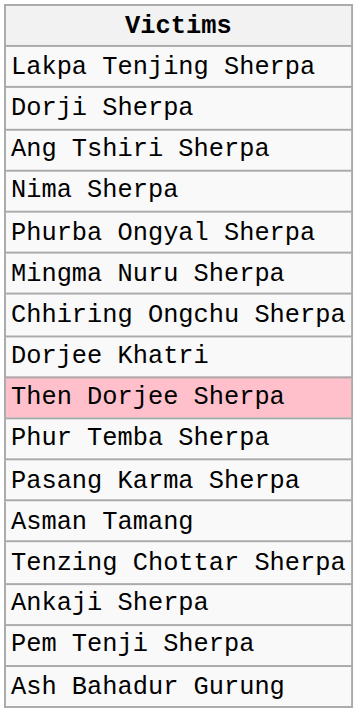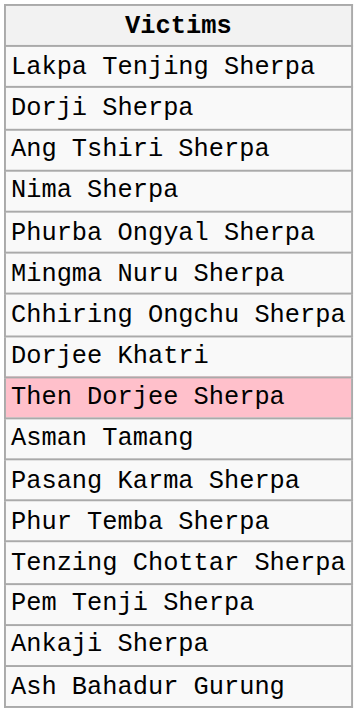 <table class="wikitable sortable floatright" style="font-size: 100%; ">
 <tr>
 <th>Victims</th>
 </tr>
 <tr>
 <td>Lakpa Tenjing Sherpa</td>
 </tr>
 <tr>
 <td>Dorji Sherpa</td>
 </tr>
 <tr>
 <td>Ang Tshiri Sherpa</td>
 </tr>
 <tr>
 <td>Nima Sherpa</td>
 </tr>
 <tr>
 <td>Phurba Ongyal Sherpa</td>
 </tr>
 <tr>
 <td>Mingma Nuru Sherpa</td>
 </tr>
 <tr>
 <td>Chhiring Ongchu Sherpa</td>
 </tr>
 <tr>
 <td>Dorjee Khatri</td>
 </tr>
 <tr>
 <td style="background: pink;">Then Dorjee Sherpa</td>
 </tr>
 <tr>
-<td>Phur Temba Sherpa</td>
+<td>Asman Tamang</td>
 </tr>
 <tr>
 <td>Pasang Karma Sherpa</td>
 </tr>
 <tr>
-<td>Asman Tamang</td>
+<td>Phur Temba Sherpa</td>
 </tr>
 <tr>
 <td>Tenzing Chottar Sherpa</td>
 </tr>
 <tr>
-<td>Ankaji Sherpa</td>
+<td>Pem Tenji Sherpa</td>
 </tr>
 <tr>
-<td>Pem Tenji Sherpa</td>
+<td>Ankaji Sherpa</td>
 </tr>
 <tr>
 <td>Ash Bahadur Gurung</td>
 </tr>
 </table>
